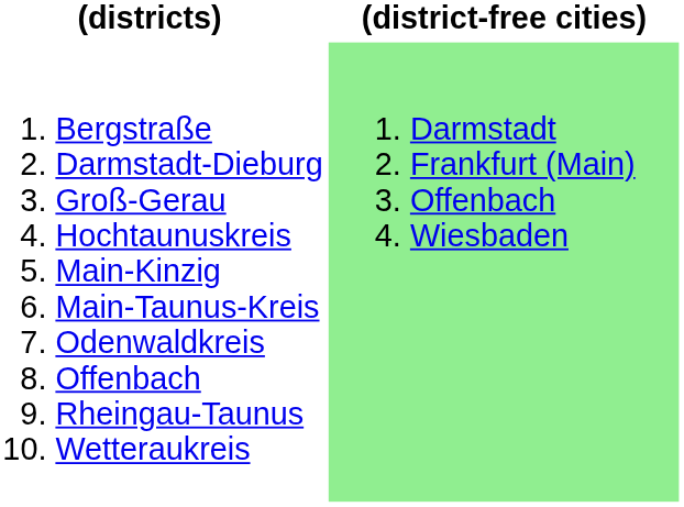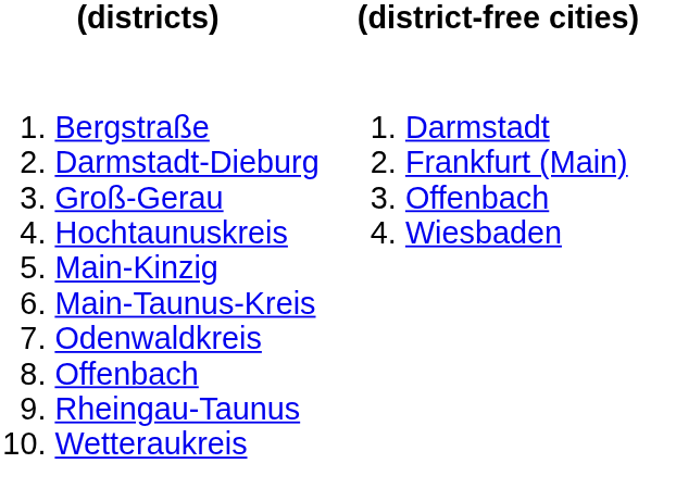 <table>
 <tr>
 <th width="50%"><br>(districts)</th>
 <th width="50%"><br>(district-free cities)</th>
 </tr>
 <tr>
 <td valign="top"><br><ol><li><a href='#'>Bergstraße</a></li><li><a href='#'>Darmstadt-Dieburg</a></li><li><a href='#'>Groß-Gerau</a></li><li><a href='#'>Hochtaunuskreis</a></li><li><a href='#'>Main-Kinzig</a></li><li><a href='#'>Main-Taunus-Kreis</a></li><li><a href='#'>Odenwaldkreis</a></li><li><a href='#'>Offenbach</a></li><li><a href='#'>Rheingau-Taunus</a></li><li><a href='#'>Wetteraukreis</a></li></ol></td>
-<td valign="top" style="background: lightgreen;"><br><ol><li><a href='#'>Darmstadt</a></li><li><a href='#'>Frankfurt (Main)</a></li><li><a href='#'>Offenbach</a></li><li><a href='#'>Wiesbaden</a></li></ol></td>
+<td valign="top"><br><ol><li><a href='#'>Darmstadt</a></li><li><a href='#'>Frankfurt (Main)</a></li><li><a href='#'>Offenbach</a></li><li><a href='#'>Wiesbaden</a></li></ol></td>
 </tr>
 </table>
